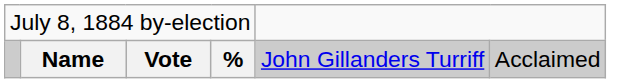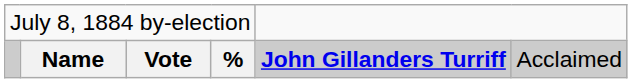 <table class="wikitable">
 <tr>
 <td colspan=4 align=center>July 8, 1884 by-election</td>
 </tr>
 <tr bgcolor="CCCCCC">
 <td></td>
 <th>Name</th>
 <th>Vote</th>
 <th>%<br></th>
-<td><a href='#'>John Gillanders Turriff</a></td>
+<td><strong><a href='#'>John Gillanders Turriff</a></strong></td>
 <td colspan="2" align=center>Acclaimed</td>
 </tr>
 </table>
